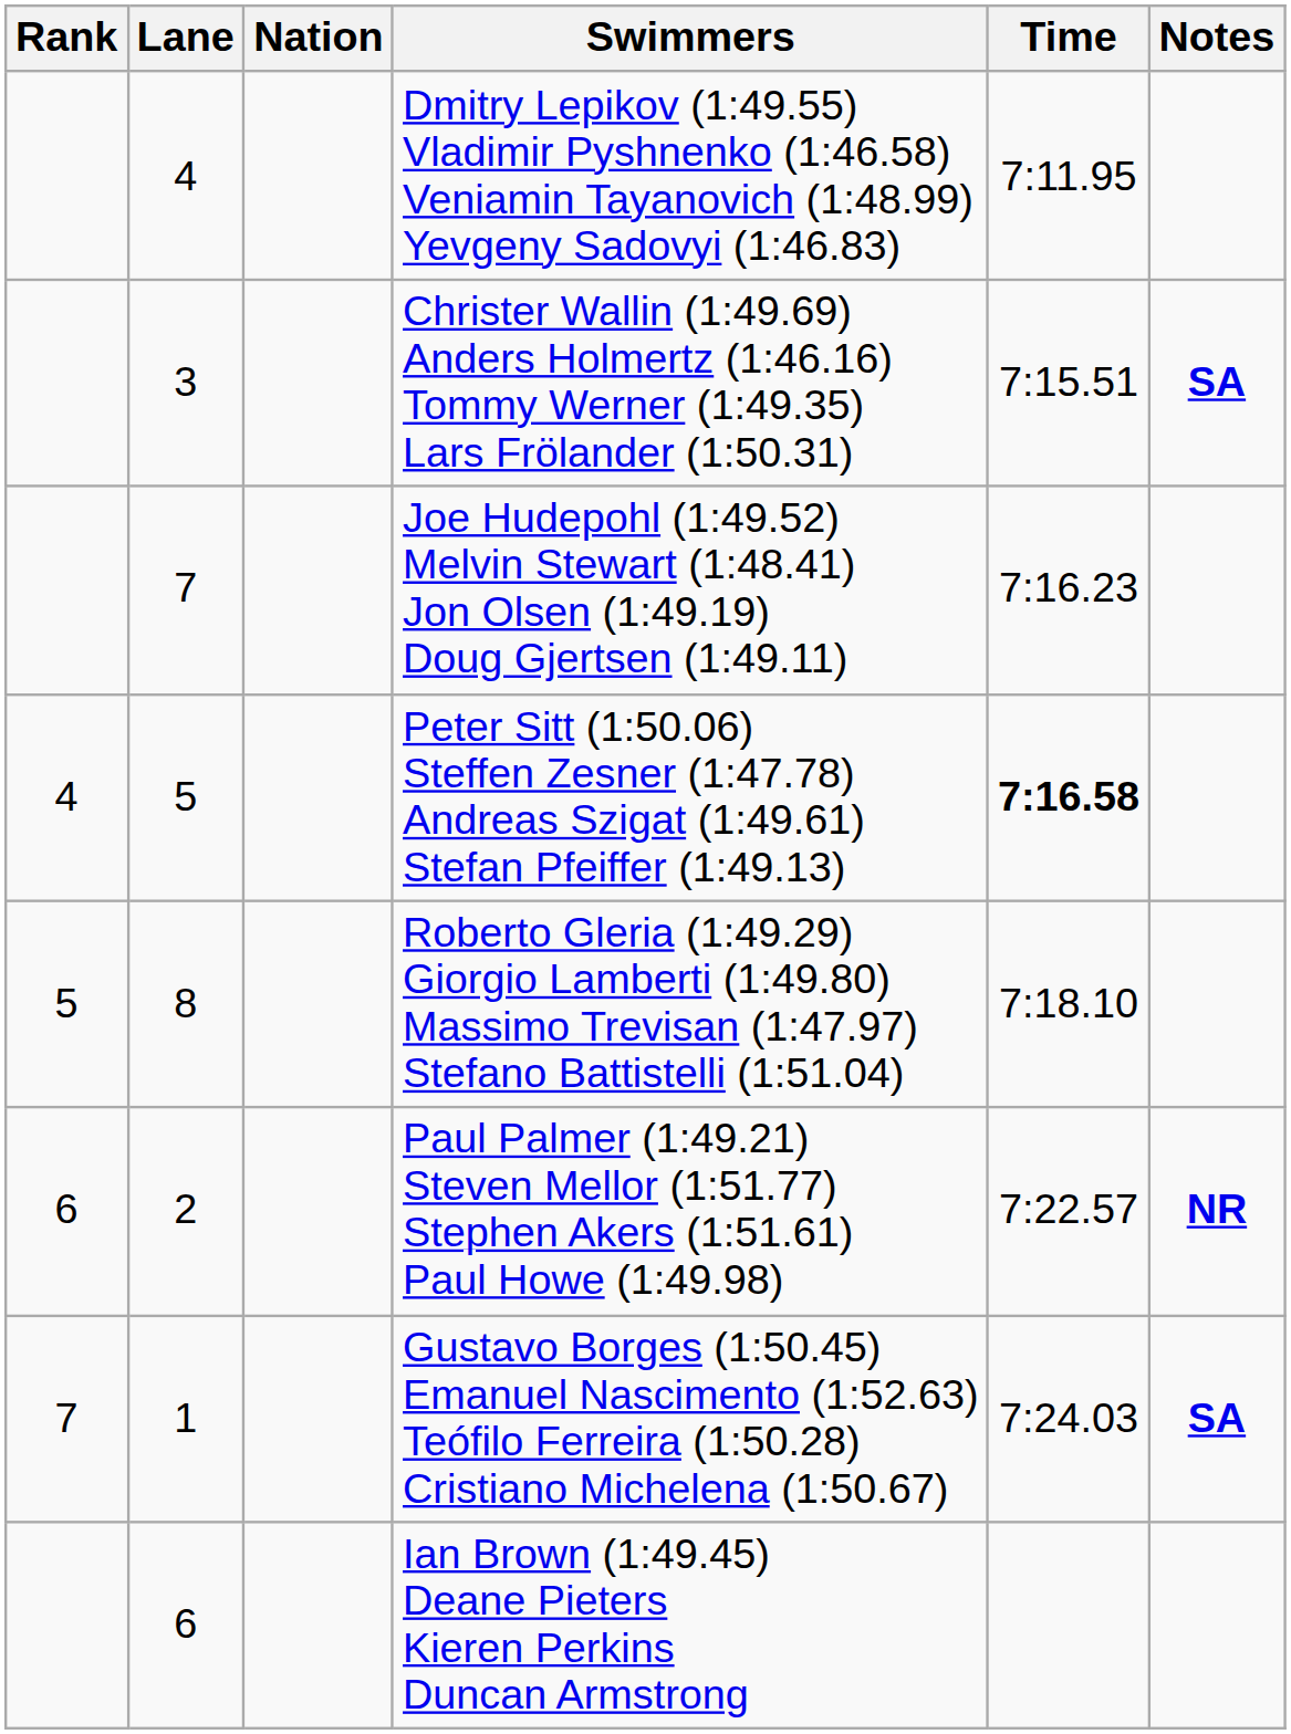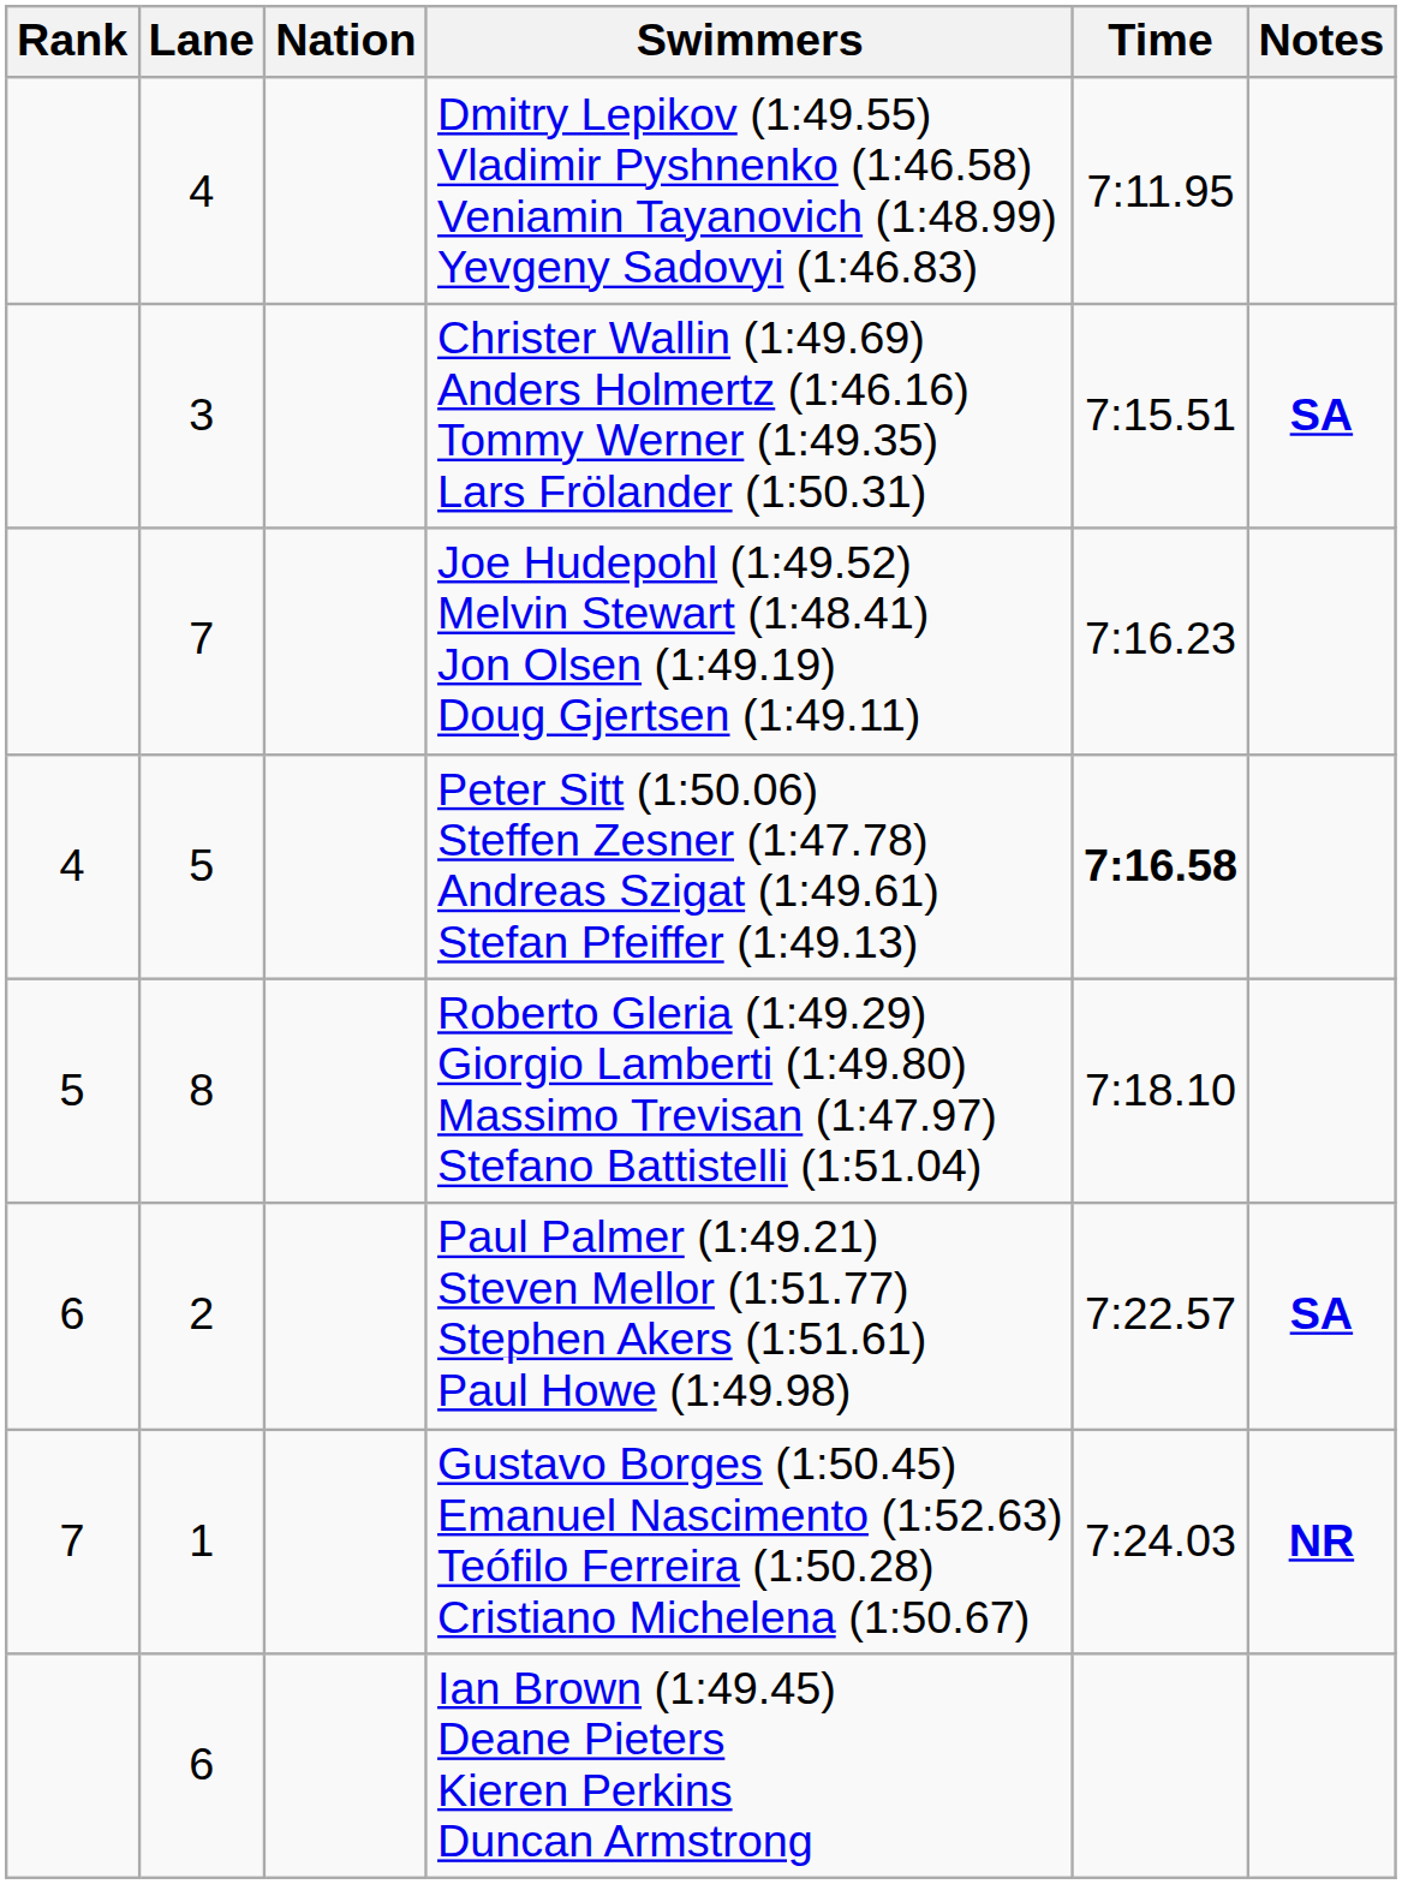 <table class="wikitable sortable" style="text-align:center">
 <tr>
 <th>Rank</th>
 <th>Lane</th>
 <th>Nation</th>
 <th>Swimmers</th>
 <th>Time</th>
 <th>Notes</th>
 </tr>
 <tr>
 <td></td>
 <td>4</td>
 <td align=left></td>
 <td align=left><a href='#'>Dmitry Lepikov</a> (1:49.55)<br><a href='#'>Vladimir Pyshnenko</a> (1:46.58)<br><a href='#'>Veniamin Tayanovich</a> (1:48.99)<br><a href='#'>Yevgeny Sadovyi</a> (1:46.83)</td>
 <td>7:11.95</td>
 <td></td>
 </tr>
 <tr>
 <td></td>
 <td>3</td>
 <td align=left></td>
 <td align=left><a href='#'>Christer Wallin</a> (1:49.69)<br><a href='#'>Anders Holmertz</a> (1:46.16)<br><a href='#'>Tommy Werner</a> (1:49.35)<br><a href='#'>Lars Frölander</a> (1:50.31)</td>
 <td>7:15.51</td>
 <td><strong><a href='#'>SA</a></strong></td>
 </tr>
 <tr>
 <td></td>
 <td>7</td>
 <td align=left></td>
 <td align=left><a href='#'>Joe Hudepohl</a> (1:49.52)<br><a href='#'>Melvin Stewart</a> (1:48.41)<br><a href='#'>Jon Olsen</a> (1:49.19)<br><a href='#'>Doug Gjertsen</a> (1:49.11)</td>
 <td>7:16.23</td>
 <td></td>
 </tr>
 <tr>
 <td>4</td>
 <td>5</td>
 <td align=left></td>
 <td align=left><a href='#'>Peter Sitt</a> (1:50.06)<br><a href='#'>Steffen Zesner</a> (1:47.78)<br><a href='#'>Andreas Szigat</a> (1:49.61)<br><a href='#'>Stefan Pfeiffer</a> (1:49.13)</td>
 <td><strong>7:16.58</strong></td>
 <td></td>
 </tr>
 <tr>
 <td>5</td>
 <td>8</td>
 <td align=left></td>
 <td align=left><a href='#'>Roberto Gleria</a> (1:49.29)<br><a href='#'>Giorgio Lamberti</a> (1:49.80)<br><a href='#'>Massimo Trevisan</a> (1:47.97)<br><a href='#'>Stefano Battistelli</a> (1:51.04)</td>
 <td>7:18.10</td>
 <td></td>
 </tr>
 <tr>
 <td>6</td>
 <td>2</td>
 <td align=left></td>
 <td align=left><a href='#'>Paul Palmer</a> (1:49.21)<br><a href='#'>Steven Mellor</a> (1:51.77)<br><a href='#'>Stephen Akers</a> (1:51.61)<br><a href='#'>Paul Howe</a> (1:49.98)</td>
 <td>7:22.57</td>
-<td><strong><a href='#'>NR</a></strong></td>
+<td><strong><a href='#'>SA</a></strong></td>
 </tr>
 <tr>
 <td>7</td>
 <td>1</td>
 <td align=left></td>
 <td align=left><a href='#'>Gustavo Borges</a> (1:50.45)<br><a href='#'>Emanuel Nascimento</a> (1:52.63)<br><a href='#'>Teófilo Ferreira</a> (1:50.28)<br><a href='#'>Cristiano Michelena</a> (1:50.67)</td>
 <td>7:24.03</td>
-<td><strong><a href='#'>SA</a></strong></td>
+<td><strong><a href='#'>NR</a></strong></td>
 </tr>
 <tr>
 <td></td>
 <td>6</td>
 <td align=left></td>
 <td align=left><a href='#'>Ian Brown</a> (1:49.45)<br><a href='#'>Deane Pieters</a><br><a href='#'>Kieren Perkins</a><br><a href='#'>Duncan Armstrong</a></td>
 <td></td>
 <td></td>
 </tr>
 </table>
